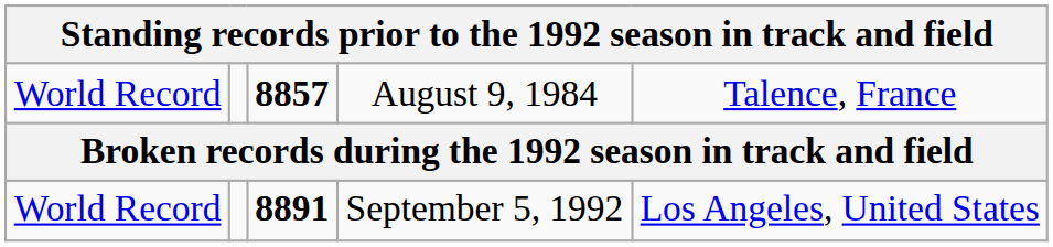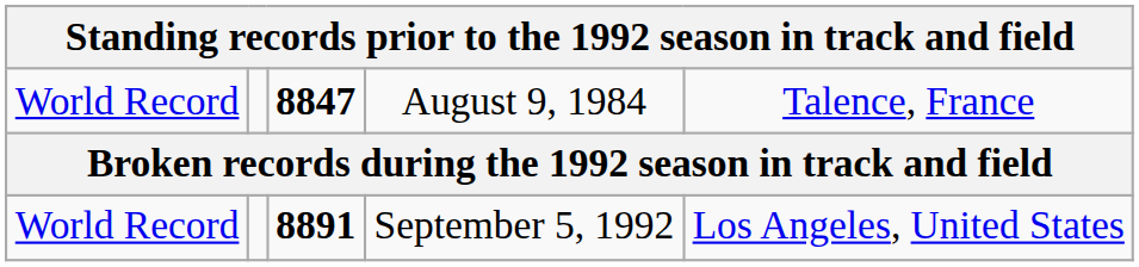 <table class="wikitable" style=" text-align:center;">
 <tr>
 <th colspan="5">Standing records prior to the 1992 season in track and field</th>
 </tr>
 <tr>
 <td><a href='#'>World Record</a></td>
 <td></td>
-<td><strong>8857</strong> </td>
+<td><strong>8847</strong> </td>
 <td>August 9, 1984</td>
 <td> <a href='#'>Talence</a>, <a href='#'>France</a></td>
 </tr>
 <tr>
 <th colspan="5">Broken records during the 1992 season in track and field</th>
 </tr>
 <tr>
 <td><a href='#'>World Record</a></td>
 <td></td>
 <td><strong>8891</strong></td>
 <td>September 5, 1992</td>
 <td> <a href='#'>Los Angeles</a>, <a href='#'>United States</a></td>
 </tr>
 </table>
